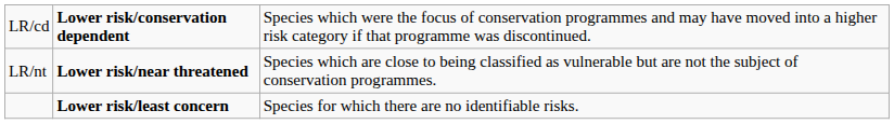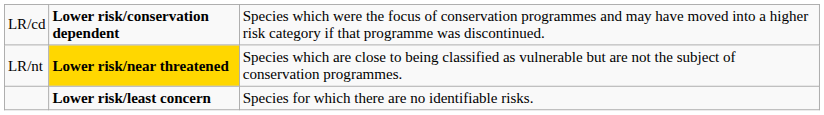 <table class="wikitable" style="text-align:left">
 <tr>
 <td>LR/cd</td>
 <td><strong>Lower risk/conservation dependent</strong></td>
 <td>Species which were the focus of conservation programmes and may have moved into a higher risk category if that programme was discontinued.</td>
 </tr>
 <tr>
 <td>LR/nt</td>
-<td><strong>Lower risk/near threatened</strong></td>
+<td style="background: gold;"><strong>Lower risk/near threatened</strong></td>
 <td>Species which are close to being classified as vulnerable but are not the subject of conservation programmes.</td>
 </tr>
 <tr>
 <td></td>
 <td><strong>Lower risk/least concern</strong></td>
 <td>Species for which there are no identifiable risks.</td>
 </tr>
 </table>
